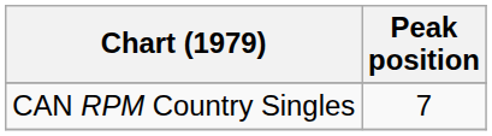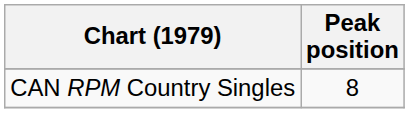 <table class="wikitable sortable">
 <tr>
 <th align="left">Chart (1979)</th>
 <th align="center">Peak<br>position</th>
 </tr>
 <tr>
 </tr>
 <tr>
 <td align="left">CAN <em>RPM</em> Country Singles</td>
-<td align="center">7</td>
+<td align="center">8</td>
 </tr>
 <tr>
 </tr>
 </table>
